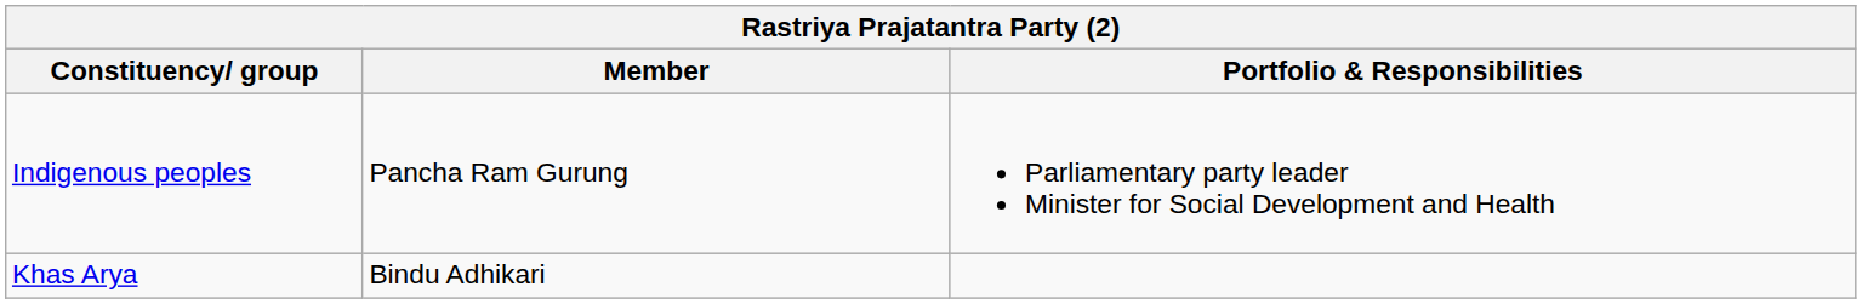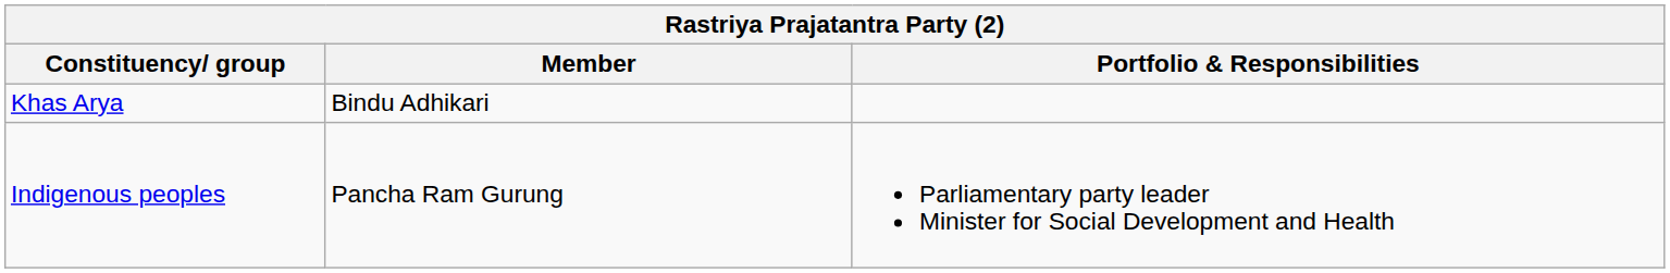 <table class="wikitable sortable">
 <tr>
 <th colspan="3" style="width: 800pt; background:">Rastriya Prajatantra Party (2)</th>
 </tr>
 <tr>
 <th style="width:150pt;">Constituency/ group</th>
 <th style="width:250pt;">Member</th>
 <th>Portfolio & Responsibilities</th>
 </tr>
 <tr>
+<td><a href='#'>Khas Arya</a></td>
+<td>Bindu Adhikari</td>
+<td></td>
+</tr>
+<tr>
 <td><a href='#'>Indigenous peoples</a></td>
 <td>Pancha Ram Gurung</td>
 <td><br><ul><li>Parliamentary party leader</li><li>Minister for Social Development and Health</li></ul></td>
 </tr>
-<tr>
-<td><a href='#'>Khas Arya</a></td>
-<td>Bindu Adhikari</td>
-<td></td>
-</tr>
 </table>
